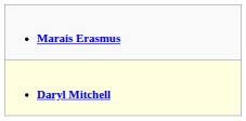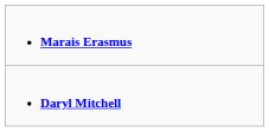 <table class="wikitable">
 <tr>
 <td valign="top" width="50%"><br><ul><li><strong> <a href='#'>Marais Erasmus</a></strong></li></ul></td>
 </tr>
 <tr>
-<td valign="top" width="50%" style="background: lightyellow;"><br><ul><li><strong> <a href='#'>Daryl Mitchell</a></strong></li></ul></td>
+<td valign="top" width="50%"><br><ul><li><strong> <a href='#'>Daryl Mitchell</a></strong></li></ul></td>
 </tr>
 </table>
